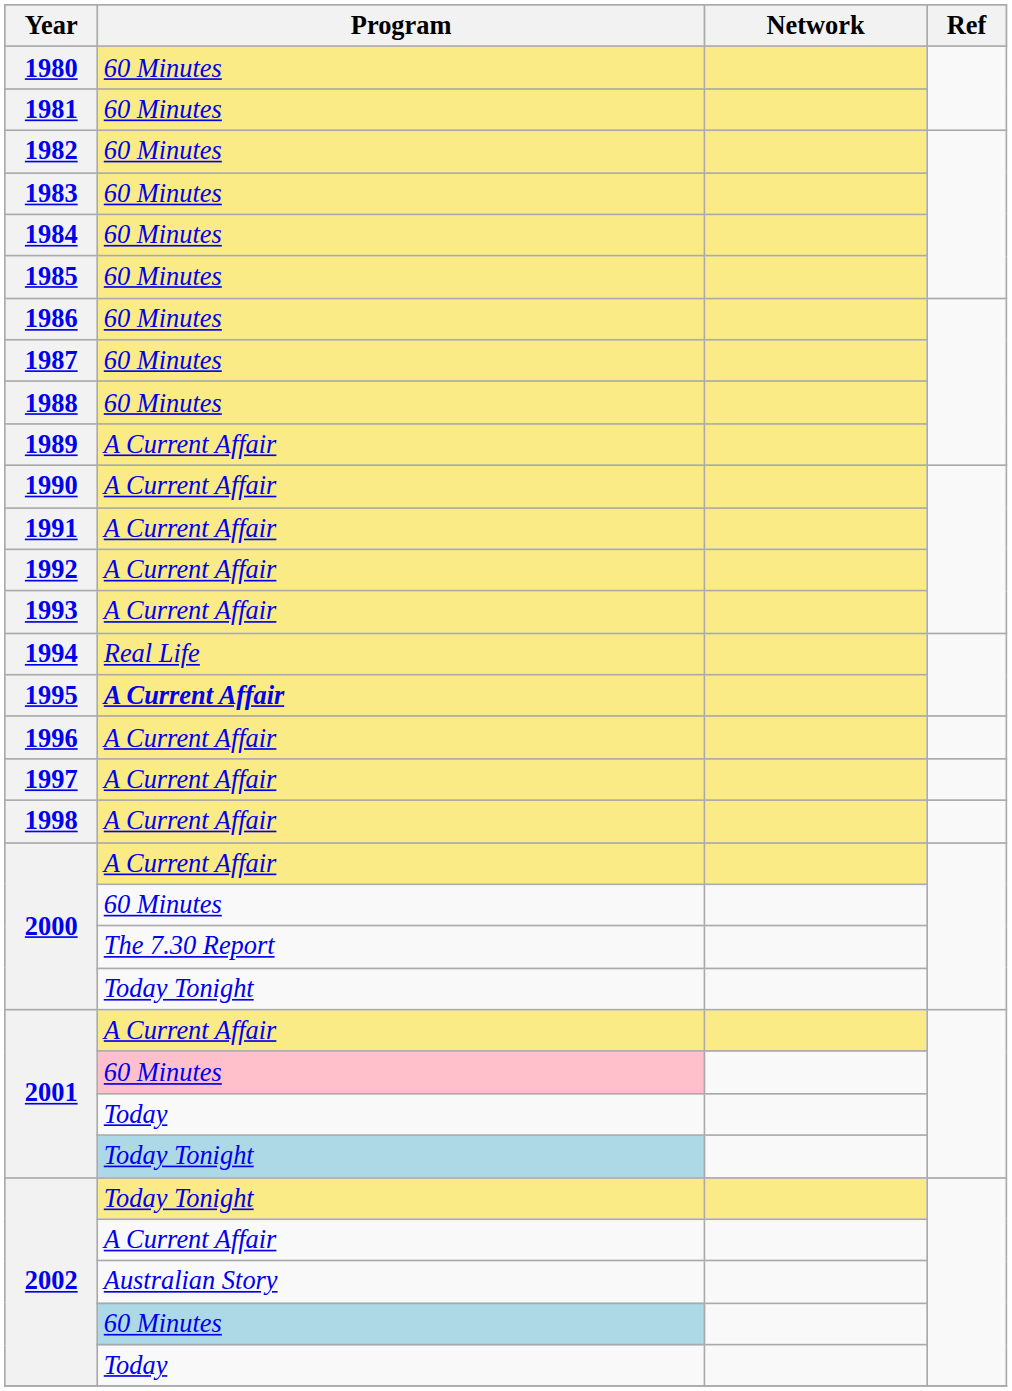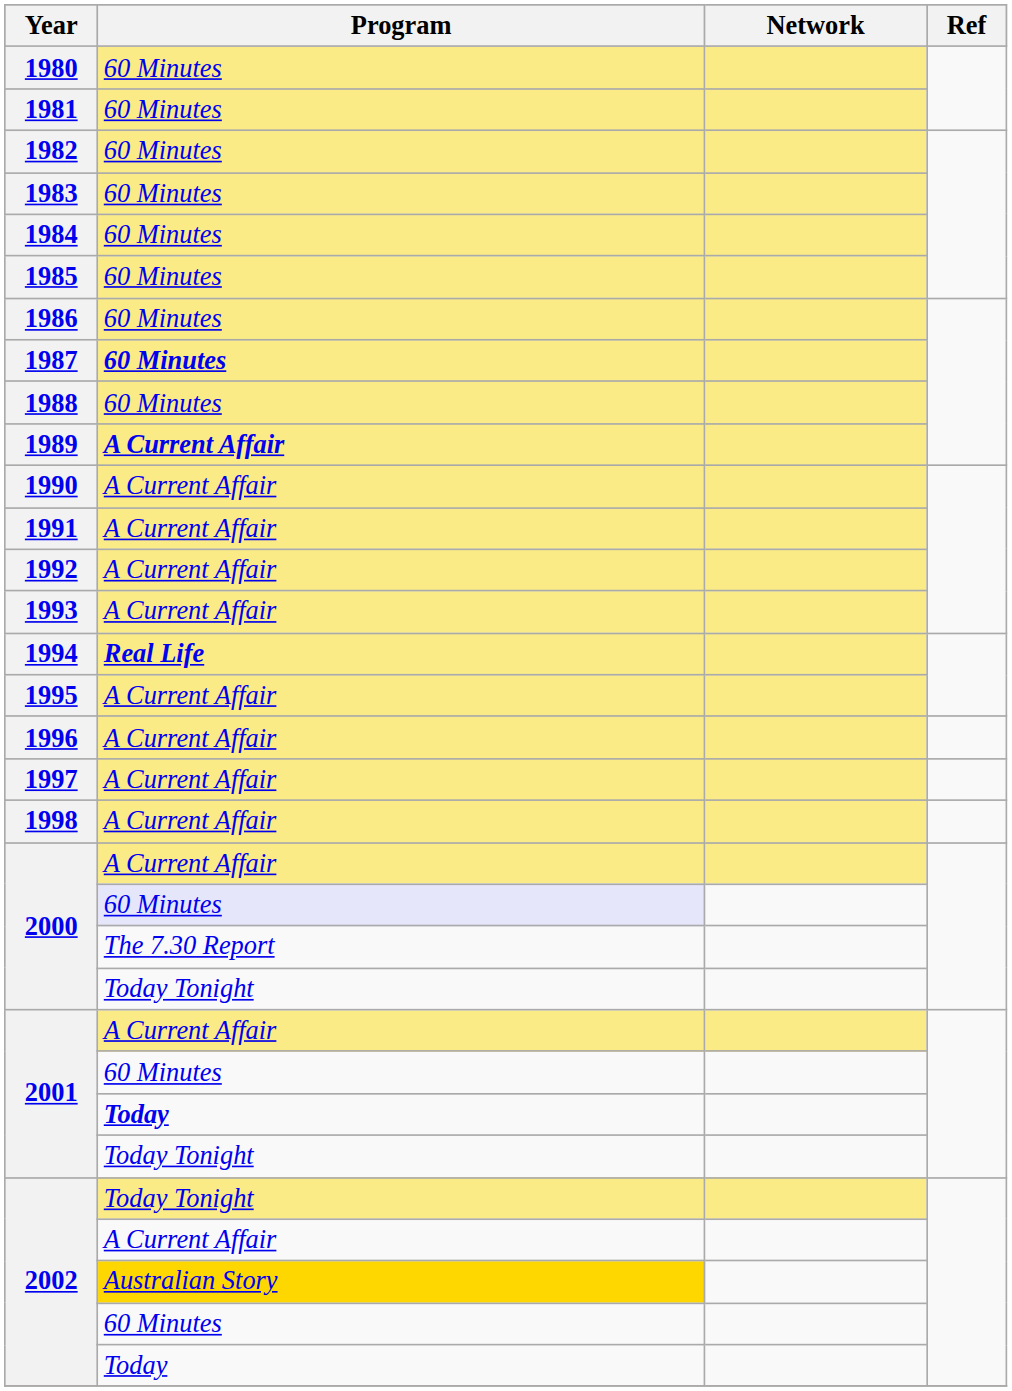 <table class="wikitable sortable">
 <tr style="background:#bebebe;">
 <th scope="col" style="width:1%;">Year</th>
 <th scope="col" style="width:16%;">Program</th>
 <th scope="col" style="width:4%;">Network</th>
 <th scope="col" style="width:1%;" class="unsortable">Ref</th>
 </tr>
 <tr>
 <th scope="row" style="text-align:center"><a href='#'>1980</a></th>
 <td style="background:#FAEB86"><em><a href='#'>60 Minutes</a></em></td>
 <td style="background:#FAEB86"></td>
 <td rowspan="2"></td>
 </tr>
 <tr>
 <th scope="row" style="text-align:center"><a href='#'>1981</a></th>
 <td style="background:#FAEB86"><em><a href='#'>60 Minutes</a></em></td>
 <td style="background:#FAEB86"></td>
 </tr>
 <tr>
 <th scope="row" style="text-align:center"><a href='#'>1982</a></th>
 <td style="background:#FAEB86"><em><a href='#'>60 Minutes</a></em></td>
 <td style="background:#FAEB86"></td>
 <td rowspan="4"></td>
 </tr>
 <tr>
 <th scope="row" style="text-align:center"><a href='#'>1983</a></th>
 <td style="background:#FAEB86"><em><a href='#'>60 Minutes</a></em></td>
 <td style="background:#FAEB86"></td>
 </tr>
 <tr>
 <th scope="row" style="text-align:center"><a href='#'>1984</a></th>
 <td style="background:#FAEB86"><em><a href='#'>60 Minutes</a></em></td>
 <td style="background:#FAEB86"></td>
 </tr>
 <tr>
 <th scope="row" style="text-align:center"><a href='#'>1985</a></th>
 <td style="background:#FAEB86"><em><a href='#'>60 Minutes</a></em></td>
 <td style="background:#FAEB86"></td>
 </tr>
 <tr>
 <th scope="row" style="text-align:center"><a href='#'>1986</a></th>
 <td style="background:#FAEB86"><em><a href='#'>60 Minutes</a></em></td>
 <td style="background:#FAEB86"></td>
 <td rowspan="4"></td>
 </tr>
 <tr>
 <th scope="row" style="text-align:center"><a href='#'>1987</a></th>
-<td style="background:#FAEB86"><em><a href='#'>60 Minutes</a></em></td>
+<td style="background:#FAEB86"><strong><em><a href='#'>60 Minutes</a></em></strong></td>
 <td style="background:#FAEB86"></td>
 </tr>
 <tr>
 <th scope="row" style="text-align:center"><a href='#'>1988</a></th>
 <td style="background:#FAEB86"><em><a href='#'>60 Minutes</a></em></td>
 <td style="background:#FAEB86"></td>
 </tr>
 <tr>
 <th scope="row" style="text-align:center"><a href='#'>1989</a></th>
-<td style="background:#FAEB86"><em><a href='#'>A Current Affair</a></em></td>
+<td style="background:#FAEB86"><strong><em><a href='#'>A Current Affair</a></em></strong></td>
 <td style="background:#FAEB86"></td>
 </tr>
 <tr>
 <th scope="row" style="text-align:center"><a href='#'>1990</a></th>
 <td style="background:#FAEB86"><em><a href='#'>A Current Affair</a></em></td>
 <td style="background:#FAEB86"></td>
 <td rowspan="4"></td>
 </tr>
 <tr>
 <th scope="row" style="text-align:center"><a href='#'>1991</a></th>
 <td style="background:#FAEB86"><em><a href='#'>A Current Affair</a></em></td>
 <td style="background:#FAEB86"></td>
 </tr>
 <tr>
 <th scope="row" style="text-align:center"><a href='#'>1992</a></th>
 <td style="background:#FAEB86"><em><a href='#'>A Current Affair</a></em></td>
 <td style="background:#FAEB86"></td>
 </tr>
 <tr>
 <th scope="row" style="text-align:center"><a href='#'>1993</a></th>
 <td style="background:#FAEB86"><em><a href='#'>A Current Affair</a></em></td>
 <td style="background:#FAEB86"></td>
 </tr>
 <tr>
 <th scope="row" style="text-align:center"><a href='#'>1994</a></th>
-<td style="background:#FAEB86"><em><a href='#'>Real Life</a></em></td>
+<td style="background:#FAEB86"><strong><em><a href='#'>Real Life</a></em></strong></td>
 <td style="background:#FAEB86"></td>
 <td rowspan="2"></td>
 </tr>
 <tr>
 <th scope="row" style="text-align:center"><a href='#'>1995</a></th>
-<td style="background:#FAEB86"><strong><em><a href='#'>A Current Affair</a></em></strong></td>
+<td style="background:#FAEB86"><em><a href='#'>A Current Affair</a></em></td>
 <td style="background:#FAEB86"></td>
 </tr>
 <tr>
 <th scope="row" style="text-align:center"><a href='#'>1996</a></th>
 <td style="background:#FAEB86"><em><a href='#'>A Current Affair</a></em></td>
 <td style="background:#FAEB86"></td>
 <td></td>
 </tr>
 <tr>
 <th scope="row" style="text-align:center"><a href='#'>1997</a></th>
 <td style="background:#FAEB86"><em><a href='#'>A Current Affair</a></em></td>
 <td style="background:#FAEB86"></td>
 <td></td>
 </tr>
 <tr>
 <th scope="row" style="text-align:center"><a href='#'>1998</a></th>
 <td style="background:#FAEB86"><em><a href='#'>A Current Affair</a></em></td>
 <td style="background:#FAEB86"></td>
 <td></td>
 </tr>
 <tr>
 <th scope="row" rowspan="4" style="text-align:center"><a href='#'>2000</a></th>
 <td style="background:#FAEB86"><em><a href='#'>A Current Affair</a></em></td>
 <td style="background:#FAEB86"></td>
 <td rowspan="4"></td>
 </tr>
 <tr>
-<td><em><a href='#'>60 Minutes</a></em></td>
+<td style="background: lavender;"><em><a href='#'>60 Minutes</a></em></td>
 <td></td>
 </tr>
 <tr>
 <td><em><a href='#'>The 7.30 Report</a></em></td>
 <td></td>
 </tr>
 <tr>
 <td><em><a href='#'>Today Tonight</a></em></td>
 <td></td>
 </tr>
 <tr>
 <th scope="row" rowspan="4" style="text-align:center"><a href='#'>2001</a></th>
 <td style="background:#FAEB86"><em><a href='#'>A Current Affair</a></em></td>
 <td style="background:#FAEB86"></td>
 <td rowspan="4"></td>
 </tr>
 <tr>
-<td style="background: pink;"><em><a href='#'>60 Minutes</a></em></td>
+<td><em><a href='#'>60 Minutes</a></em></td>
 <td></td>
 </tr>
 <tr>
-<td><em><a href='#'>Today</a></em></td>
+<td><strong><em><a href='#'>Today</a></em></strong></td>
 <td></td>
 </tr>
 <tr>
-<td style="background: lightblue;"><em><a href='#'>Today Tonight</a></em></td>
+<td><em><a href='#'>Today Tonight</a></em></td>
 <td></td>
 </tr>
 <tr>
 <th scope="row" rowspan="5" style="text-align:center"><a href='#'>2002</a></th>
 <td style="background:#FAEB86"><em><a href='#'>Today Tonight</a></em> </td>
 <td style="background:#FAEB86"></td>
 <td rowspan="5"></td>
 </tr>
 <tr>
 <td><em><a href='#'>A Current Affair</a></em></td>
 <td></td>
 </tr>
 <tr>
-<td><em><a href='#'>Australian Story</a></em></td>
+<td style="background: gold;"><em><a href='#'>Australian Story</a></em></td>
 <td></td>
 </tr>
 <tr>
-<td style="background: lightblue;"><em><a href='#'>60 Minutes</a></em></td>
+<td><em><a href='#'>60 Minutes</a></em></td>
 <td></td>
 </tr>
 <tr>
 <td><em><a href='#'>Today</a></em></td>
 <td></td>
 </tr>
 <tr>
 </tr>
 </table>
